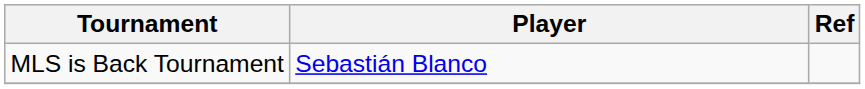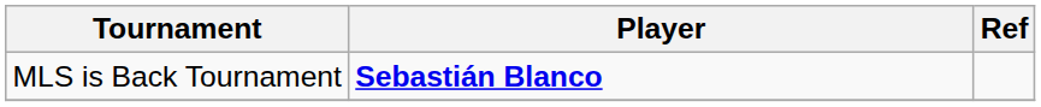 <table class=wikitable>
 <tr>
 <th>Tournament</th>
 <th style="width:330px;">Player</th>
 <th>Ref</th>
 </tr>
 <tr>
 <td>MLS is Back Tournament</td>
-<td> <a href='#'>Sebastián Blanco</a></td>
+<td><strong> <a href='#'>Sebastián Blanco</a></strong></td>
 <td></td>
 </tr>
 <tr>
 </tr>
 </table>
